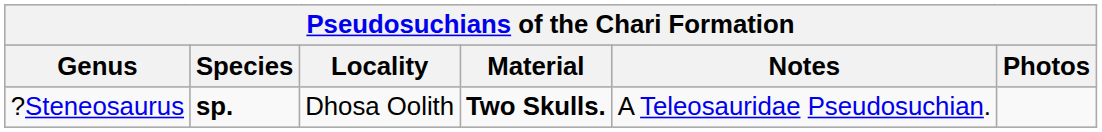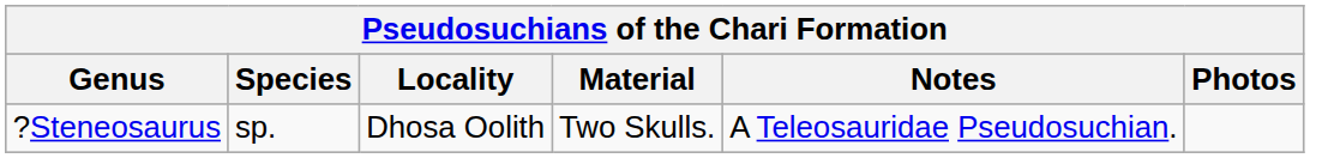 <table class="wikitable" align="center">
 <tr>
 <th colspan="6" align="center"><a href='#'>Pseudosuchians</a> of the Chari Formation</th>
 </tr>
 <tr>
 <th>Genus</th>
 <th>Species</th>
 <th>Locality</th>
 <th>Material</th>
 <th>Notes</th>
 <th>Photos</th>
 </tr>
 <tr>
 <td>?<a href='#'>Steneosaurus</a></td>
-<td><strong>sp.</strong></td>
+<td>sp.</td>
 <td>Dhosa Oolith</td>
-<td><strong>Two Skulls.</strong></td>
+<td>Two Skulls.</td>
 <td>A <a href='#'>Teleosauridae</a> <a href='#'>Pseudosuchian</a>.</td>
 <td></td>
 </tr>
 </table>
